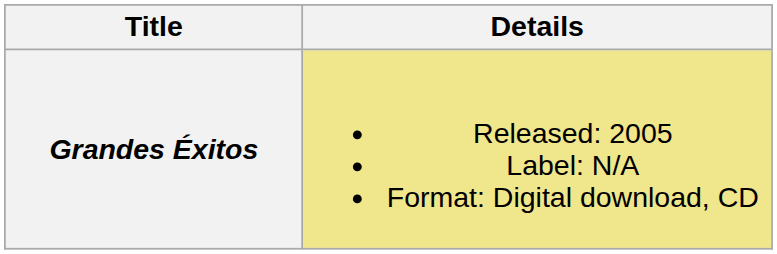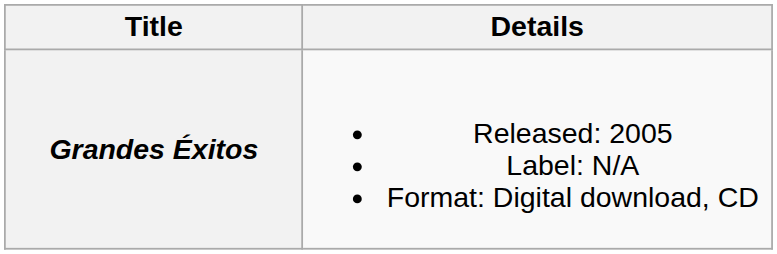 <table class="wikitable plainrowheaders" style="text-align:center;">
 <tr>
 <th scope="col" style="width:10em;">Title</th>
 <th scope="col" style="width:16em;">Details</th>
 </tr>
 <tr>
 <th scope="row"><em>Grandes Éxitos</em></th>
-<td style="background: khaki;"><br><ul><li>Released: 2005</li><li>Label: N/A</li><li>Format: Digital download, CD</li></ul></td>
+<td><br><ul><li>Released: 2005</li><li>Label: N/A</li><li>Format: Digital download, CD</li></ul></td>
 </tr>
 </table>
